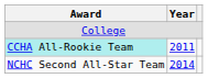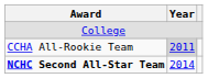 <table class="wikitable">
 <tr>
 <th>Award</th>
 <th>Year</th>
 <th></th>
 </tr>
 <tr ALIGN="center" bgcolor="#e0e0e0">
 <td colspan="3"><a href='#'>College</a></td>
 </tr>
 <tr>
-<td style="background: paleturquoise;"><a href='#'>CCHA</a> All-Rookie Team</td>
-<td><a href='#'>2011</a></td>
+<td><a href='#'>CCHA</a> All-Rookie Team</td>
+<td style="background: lightgrey;"><a href='#'>2011</a></td>
 <td></td>
 </tr>
 <tr>
-<td><a href='#'>NCHC</a> Second All-Star Team</td>
+<td><strong><a href='#'>NCHC</a> Second All-Star Team</strong></td>
 <td><a href='#'>2014</a></td>
 <td></td>
 </tr>
 </table>
